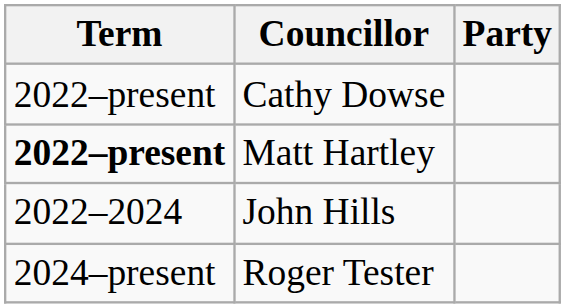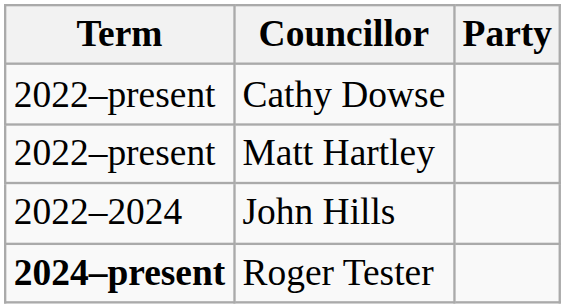 <table class="wikitable">
 <tr>
 <th>Term</th>
 <th>Councillor</th>
 <th colspan=2>Party</th>
 </tr>
 <tr>
 <td>2022–present</td>
 <td>Cathy Dowse</td>
 <td></td>
 </tr>
 <tr>
-<td><strong>2022–present</strong></td>
+<td>2022–present</td>
 <td>Matt Hartley</td>
 <td></td>
 </tr>
 <tr>
 <td>2022–2024</td>
 <td>John Hills</td>
 <td></td>
 </tr>
 <tr>
-<td>2024–present</td>
+<td><strong>2024–present</strong></td>
 <td>Roger Tester</td>
 <td></td>
 </tr>
 </table>
